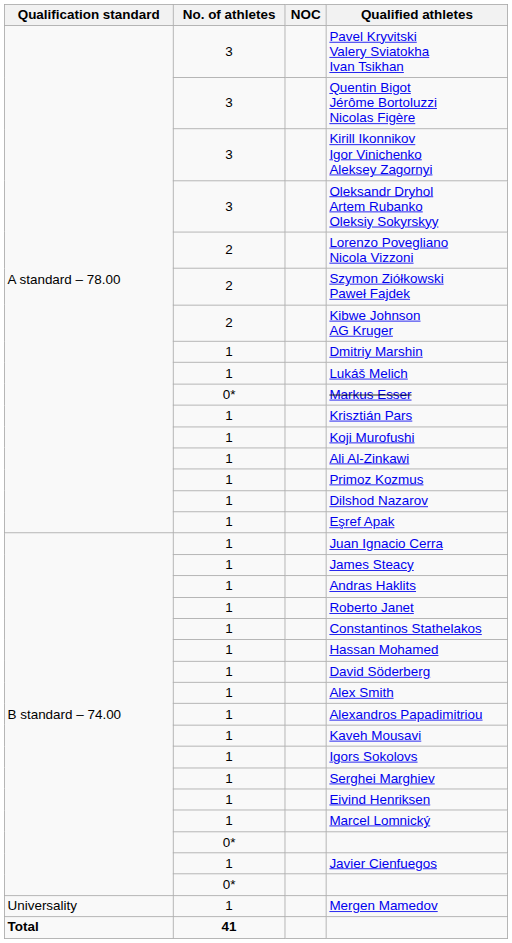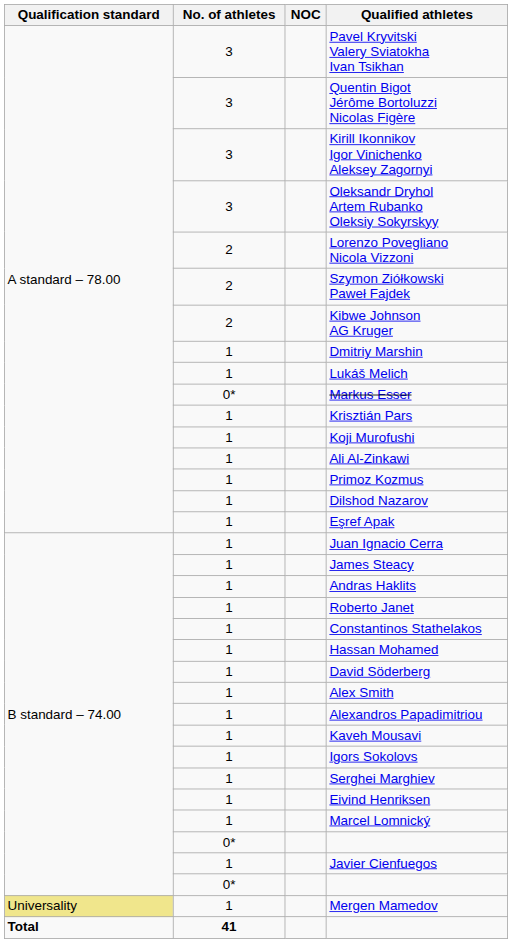 <table class="wikitable"  style="text-align:left; width:600px;">
 <tr>
 <th>Qualification standard</th>
 <th>No. of athletes</th>
 <th>NOC</th>
 <th>Qualified athletes</th>
 </tr>
 <tr>
 <td rowspan="16">A standard – 78.00</td>
 <td align=center>3</td>
 <td></td>
 <td><a href='#'>Pavel Kryvitski</a><br><a href='#'>Valery Sviatokha</a><br><a href='#'>Ivan Tsikhan</a></td>
 </tr>
 <tr>
 <td align=center>3</td>
 <td></td>
 <td><a href='#'>Quentin Bigot</a><br><a href='#'>Jérôme Bortoluzzi</a><br><a href='#'>Nicolas Figère</a></td>
 </tr>
 <tr>
 <td align=center>3</td>
 <td></td>
 <td><a href='#'>Kirill Ikonnikov</a><br><a href='#'>Igor Vinichenko</a><br><a href='#'>Aleksey Zagornyi</a></td>
 </tr>
 <tr>
 <td align=center>3</td>
 <td></td>
 <td><a href='#'>Oleksandr Dryhol</a><br><a href='#'>Artem Rubanko</a><br><a href='#'>Oleksiy Sokyrskyy</a></td>
 </tr>
 <tr>
 <td align=center>2</td>
 <td></td>
 <td><a href='#'>Lorenzo Povegliano</a><br><a href='#'>Nicola Vizzoni</a></td>
 </tr>
 <tr>
 <td align=center>2</td>
 <td></td>
 <td><a href='#'>Szymon Ziółkowski</a> <br> <a href='#'>Paweł Fajdek</a></td>
 </tr>
 <tr>
 <td align=center>2</td>
 <td></td>
 <td><a href='#'>Kibwe Johnson</a><br><a href='#'>AG Kruger</a></td>
 </tr>
 <tr>
 <td align=center>1</td>
 <td></td>
 <td><a href='#'>Dmitriy Marshin</a></td>
 </tr>
 <tr>
 <td align=center>1</td>
 <td></td>
 <td><a href='#'>Lukáš Melich</a></td>
 </tr>
 <tr>
 <td align=center>0*</td>
 <td></td>
 <td><s><a href='#'>Markus Esser</a></s></td>
 </tr>
 <tr>
 <td align=center>1</td>
 <td></td>
 <td><a href='#'>Krisztián Pars</a></td>
 </tr>
 <tr>
 <td align=center>1</td>
 <td></td>
 <td><a href='#'>Koji Murofushi</a></td>
 </tr>
 <tr>
 <td align=center>1</td>
 <td></td>
 <td><a href='#'>Ali Al-Zinkawi</a></td>
 </tr>
 <tr>
 <td align=center>1</td>
 <td></td>
 <td><a href='#'>Primoz Kozmus</a></td>
 </tr>
 <tr>
 <td align=center>1</td>
 <td></td>
 <td><a href='#'>Dilshod Nazarov</a></td>
 </tr>
 <tr>
 <td align=center>1</td>
 <td></td>
 <td><a href='#'>Eşref Apak</a></td>
 </tr>
 <tr>
 <td rowspan="17">B standard – 74.00</td>
 <td align=center>1</td>
 <td></td>
 <td><a href='#'>Juan Ignacio Cerra</a></td>
 </tr>
 <tr>
 <td align=center>1</td>
 <td></td>
 <td><a href='#'>James Steacy</a></td>
 </tr>
 <tr>
 <td align=center>1</td>
 <td></td>
 <td><a href='#'>Andras Haklits</a></td>
 </tr>
 <tr>
 <td align=center>1</td>
 <td></td>
 <td><a href='#'>Roberto Janet</a></td>
 </tr>
 <tr>
 <td align=center>1</td>
 <td></td>
 <td><a href='#'>Constantinos Stathelakos</a></td>
 </tr>
 <tr>
 <td align=center>1</td>
 <td></td>
 <td><a href='#'>Hassan Mohamed</a></td>
 </tr>
 <tr>
 <td align=center>1</td>
 <td></td>
 <td><a href='#'>David Söderberg</a></td>
 </tr>
 <tr>
 <td align=center>1</td>
 <td></td>
 <td><a href='#'>Alex Smith</a></td>
 </tr>
 <tr>
 <td align=center>1</td>
 <td></td>
 <td><a href='#'>Alexandros Papadimitriou</a></td>
 </tr>
 <tr>
 <td align=center>1</td>
 <td></td>
 <td><a href='#'>Kaveh Mousavi</a></td>
 </tr>
 <tr>
 <td align=center>1</td>
 <td></td>
 <td><a href='#'>Igors Sokolovs</a></td>
 </tr>
 <tr>
 <td align=center>1</td>
 <td></td>
 <td><a href='#'>Serghei Marghiev</a></td>
 </tr>
 <tr>
 <td align=center>1</td>
 <td></td>
 <td><a href='#'>Eivind Henriksen</a></td>
 </tr>
 <tr>
 <td align=center>1</td>
 <td></td>
 <td><a href='#'>Marcel Lomnický</a></td>
 </tr>
 <tr>
 <td align=center>0*</td>
 <td><s></s></td>
 <td></td>
 </tr>
 <tr>
 <td align=center>1</td>
 <td></td>
 <td><a href='#'>Javier Cienfuegos</a></td>
 </tr>
 <tr>
 <td align=center>0*</td>
 <td><s></s></td>
 <td></td>
 </tr>
 <tr>
-<td>Universality</td>
+<td style="background: khaki;">Universality</td>
 <td align=center>1</td>
 <td></td>
 <td><a href='#'>Mergen Mamedov</a></td>
 </tr>
 <tr>
 <td><strong>Total</strong></td>
 <td align=center><strong>41</strong></td>
 <td></td>
 <td></td>
 </tr>
 </table>
